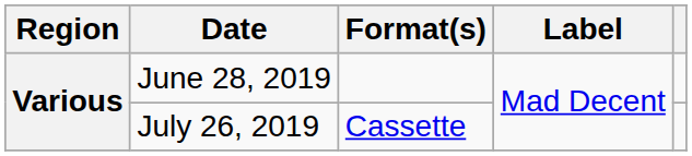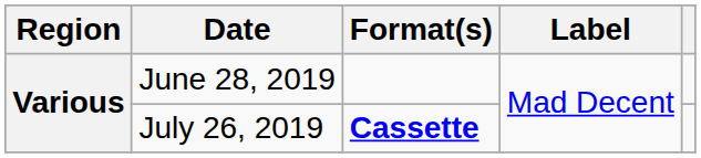 <table class="wikitable plainrowheaders">
 <tr>
 <th scope="col">Region</th>
 <th scope="col">Date</th>
 <th scope="col">Format(s)</th>
 <th scope="col">Label</th>
 <th scope="col"></th>
 </tr>
 <tr>
 <th rowspan="2" scope="row">Various</th>
 <td>June 28, 2019</td>
 <td></td>
 <td rowspan="2"><a href='#'>Mad Decent</a></td>
 <td align="center"></td>
 </tr>
 <tr>
 <td>July 26, 2019</td>
-<td><a href='#'>Cassette</a></td>
+<td><strong><a href='#'>Cassette</a></strong></td>
 <td align="center"></td>
 </tr>
 </table>
